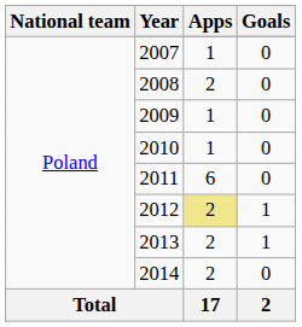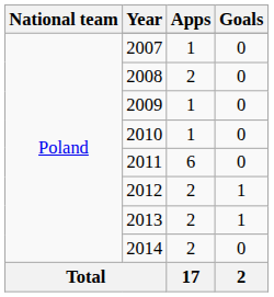 <table class="wikitable" style="text-align:center">
 <tr>
 <th>National team</th>
 <th>Year</th>
 <th>Apps</th>
 <th>Goals</th>
 </tr>
 <tr>
 <td rowspan=9><a href='#'>Poland</a></td>
 </tr>
 <tr>
 <td>2007</td>
 <td>1</td>
 <td>0</td>
 </tr>
 <tr>
 <td>2008</td>
 <td>2</td>
 <td>0</td>
 </tr>
 <tr>
 <td>2009</td>
 <td>1</td>
 <td>0</td>
 </tr>
 <tr>
 <td>2010</td>
 <td>1</td>
 <td>0</td>
 </tr>
 <tr>
 <td>2011</td>
 <td>6</td>
 <td>0</td>
 </tr>
 <tr>
 <td>2012</td>
-<td style="background: khaki;">2</td>
+<td>2</td>
 <td>1</td>
 </tr>
 <tr>
 <td>2013</td>
 <td>2</td>
 <td>1</td>
 </tr>
 <tr>
 <td>2014</td>
 <td>2</td>
 <td>0</td>
 </tr>
 <tr>
 <th colspan="2">Total</th>
 <th>17</th>
 <th>2</th>
 </tr>
 </table>
